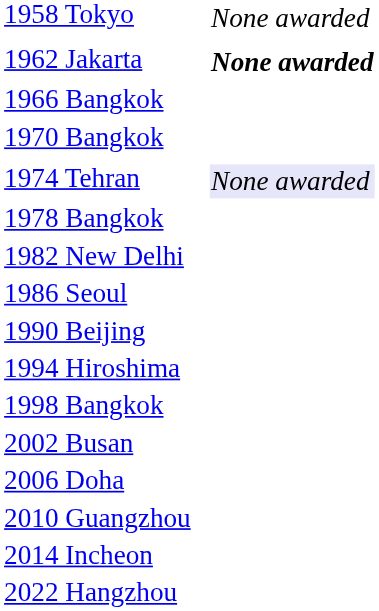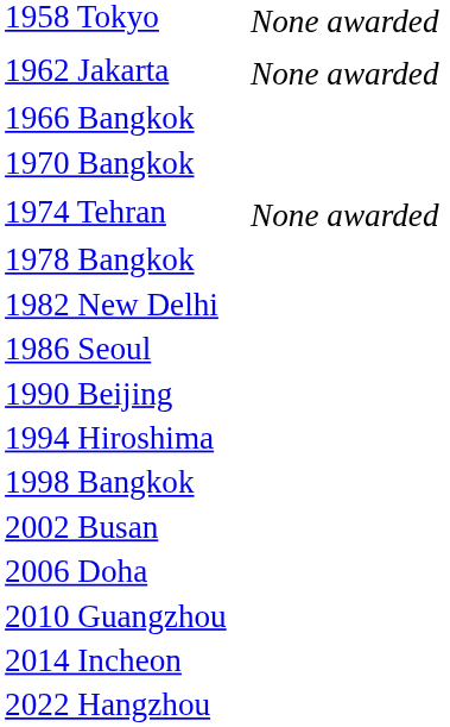 <table>
 <tr>
 <td rowspan=2><a href='#'>1958 Tokyo</a></td>
 <td rowspan=2></td>
 <td rowspan=2></td>
 <td></td>
 </tr>
 <tr>
 <td><em>None awarded</em></td>
 </tr>
 <tr>
 <td rowspan=2><a href='#'>1962 Jakarta</a></td>
 <td rowspan=2></td>
 <td rowspan=2></td>
 <td></td>
 </tr>
 <tr>
-<td><strong><em>None awarded</em></strong></td>
+<td><em>None awarded</em></td>
 </tr>
 <tr>
 <td rowspan=2><a href='#'>1966 Bangkok</a></td>
 <td rowspan=2></td>
 <td rowspan=2></td>
 <td></td>
 </tr>
 <tr>
 <td></td>
 </tr>
 <tr>
 <td rowspan=2><a href='#'>1970 Bangkok</a></td>
 <td rowspan=2></td>
 <td rowspan=2></td>
 <td></td>
 </tr>
 <tr>
 <td></td>
 </tr>
 <tr>
 <td rowspan=2><a href='#'>1974 Tehran</a></td>
 <td rowspan=2></td>
 <td rowspan=2></td>
 <td></td>
 </tr>
 <tr>
-<td style="background: lavender;"><em>None awarded</em></td>
+<td><em>None awarded</em></td>
 </tr>
 <tr>
 <td rowspan=2><a href='#'>1978 Bangkok</a></td>
 <td rowspan=2></td>
 <td rowspan=2></td>
 <td></td>
 </tr>
 <tr>
 <td></td>
 </tr>
 <tr>
 <td rowspan=2><a href='#'>1982 New Delhi</a></td>
 <td rowspan=2></td>
 <td rowspan=2></td>
 <td></td>
 </tr>
 <tr>
 <td></td>
 </tr>
 <tr>
 <td rowspan=2><a href='#'>1986 Seoul</a></td>
 <td rowspan=2></td>
 <td rowspan=2></td>
 <td></td>
 </tr>
 <tr>
 <td></td>
 </tr>
 <tr>
 <td rowspan=2><a href='#'>1990 Beijing</a></td>
 <td rowspan=2></td>
 <td rowspan=2></td>
 <td></td>
 </tr>
 <tr>
 <td></td>
 </tr>
 <tr>
 <td rowspan=2><a href='#'>1994 Hiroshima</a></td>
 <td rowspan=2></td>
 <td rowspan=2></td>
 <td></td>
 </tr>
 <tr>
 <td></td>
 </tr>
 <tr>
 <td rowspan=2><a href='#'>1998 Bangkok</a></td>
 <td rowspan=2></td>
 <td rowspan=2></td>
 <td></td>
 </tr>
 <tr>
 <td></td>
 </tr>
 <tr>
 <td rowspan=2><a href='#'>2002 Busan</a></td>
 <td rowspan=2></td>
 <td rowspan=2></td>
 <td></td>
 </tr>
 <tr>
 <td></td>
 </tr>
 <tr>
 <td rowspan=2><a href='#'>2006 Doha</a></td>
 <td rowspan=2></td>
 <td rowspan=2></td>
 <td></td>
 </tr>
 <tr>
 <td></td>
 </tr>
 <tr>
 <td rowspan=2><a href='#'>2010 Guangzhou</a></td>
 <td rowspan=2></td>
 <td rowspan=2></td>
 <td></td>
 </tr>
 <tr>
 <td></td>
 </tr>
 <tr>
 <td rowspan=2><a href='#'>2014 Incheon</a></td>
 <td rowspan=2></td>
 <td rowspan=2></td>
 <td></td>
 </tr>
 <tr>
 <td></td>
 </tr>
 <tr>
 <td rowspan=2><a href='#'>2022 Hangzhou</a></td>
 <td rowspan=2></td>
 <td rowspan=2></td>
 <td></td>
 </tr>
 <tr>
 <td></td>
 </tr>
 </table>
